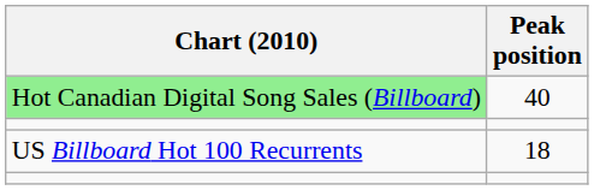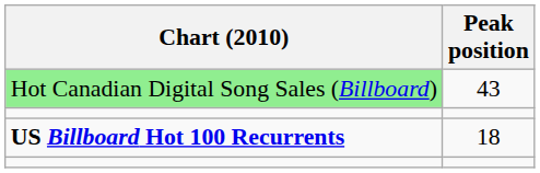 <table class="wikitable plainrowheaders sortable">
 <tr>
 <th align="left">Chart (2010)</th>
 <th align="center">Peak<br>position</th>
 </tr>
 <tr>
 <td style="background: lightgreen;">Hot Canadian Digital Song Sales (<em><a href='#'>Billboard</a></em>)</td>
-<td align="center">40</td>
+<td align="center">43</td>
 </tr>
 <tr>
 <td></td>
 </tr>
 <tr>
-<td>US <a href='#'><em>Billboard</em> Hot 100 Recurrents</a></td>
+<td><strong>US <a href='#'><em>Billboard</em> Hot 100 Recurrents</a></strong></td>
 <td align="center">18</td>
 </tr>
 <tr>
 <td></td>
 </tr>
 </table>
